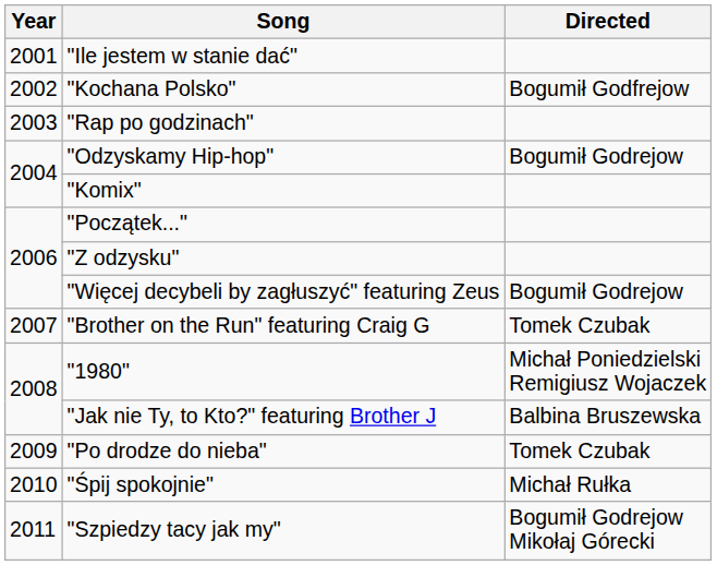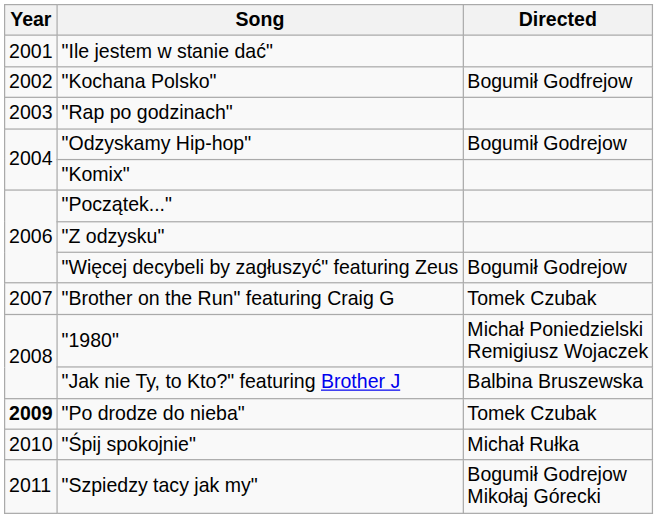 <table class="wikitable">
 <tr>
 <th>Year</th>
 <th>Song</th>
 <th>Directed</th>
 </tr>
 <tr>
 <td>2001</td>
 <td>"Ile jestem w stanie dać"</td>
 <td></td>
 </tr>
 <tr>
 <td>2002</td>
 <td>"Kochana Polsko"</td>
 <td>Bogumił Godfrejow</td>
 </tr>
 <tr>
 <td>2003</td>
 <td>"Rap po godzinach"</td>
 <td></td>
 </tr>
 <tr>
 <td rowspan="2">2004</td>
 <td>"Odzyskamy Hip-hop"</td>
 <td>Bogumił Godrejow</td>
 </tr>
 <tr>
 <td>"Komix"</td>
 <td></td>
 </tr>
 <tr>
 <td rowspan="3">2006</td>
 <td>"Początek..."</td>
 <td></td>
 </tr>
 <tr>
 <td>"Z odzysku"</td>
 <td></td>
 </tr>
 <tr>
 <td>"Więcej decybeli by zagłuszyć" featuring Zeus</td>
 <td>Bogumił Godrejow</td>
 </tr>
 <tr>
 <td>2007</td>
 <td>"Brother on the Run" featuring Craig G</td>
 <td>Tomek Czubak</td>
 </tr>
 <tr>
 <td rowspan="2">2008</td>
 <td>"1980"</td>
 <td>Michał Poniedzielski<br> Remigiusz Wojaczek</td>
 </tr>
 <tr>
 <td>"Jak nie Ty, to Kto?" featuring <a href='#'>Brother J</a></td>
 <td>Balbina Bruszewska</td>
 </tr>
 <tr>
-<td>2009</td>
+<td><strong>2009</strong></td>
 <td>"Po drodze do nieba"</td>
 <td>Tomek Czubak</td>
 </tr>
 <tr>
 <td>2010</td>
 <td>"Śpij spokojnie"</td>
 <td>Michał Rułka</td>
 </tr>
 <tr>
 <td>2011</td>
 <td>"Szpiedzy tacy jak my"</td>
 <td>Bogumił Godrejow<br> Mikołaj Górecki</td>
 </tr>
 </table>
